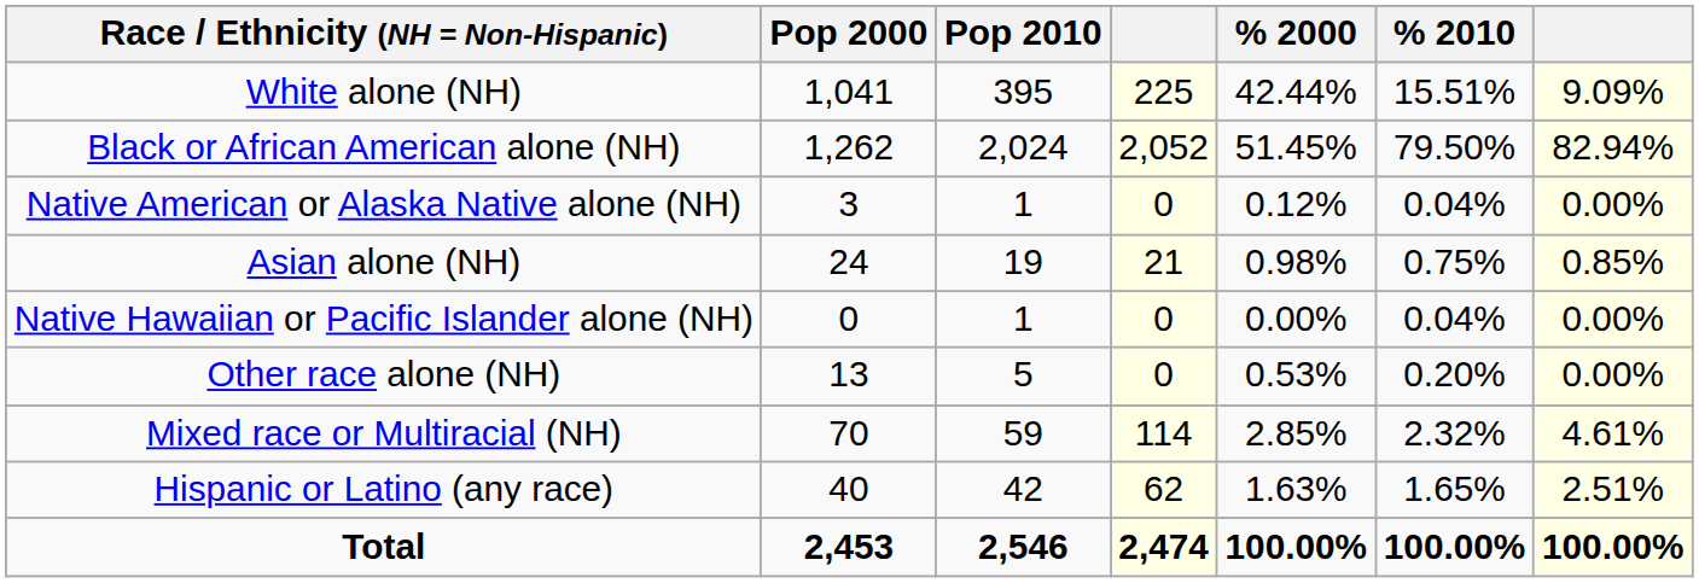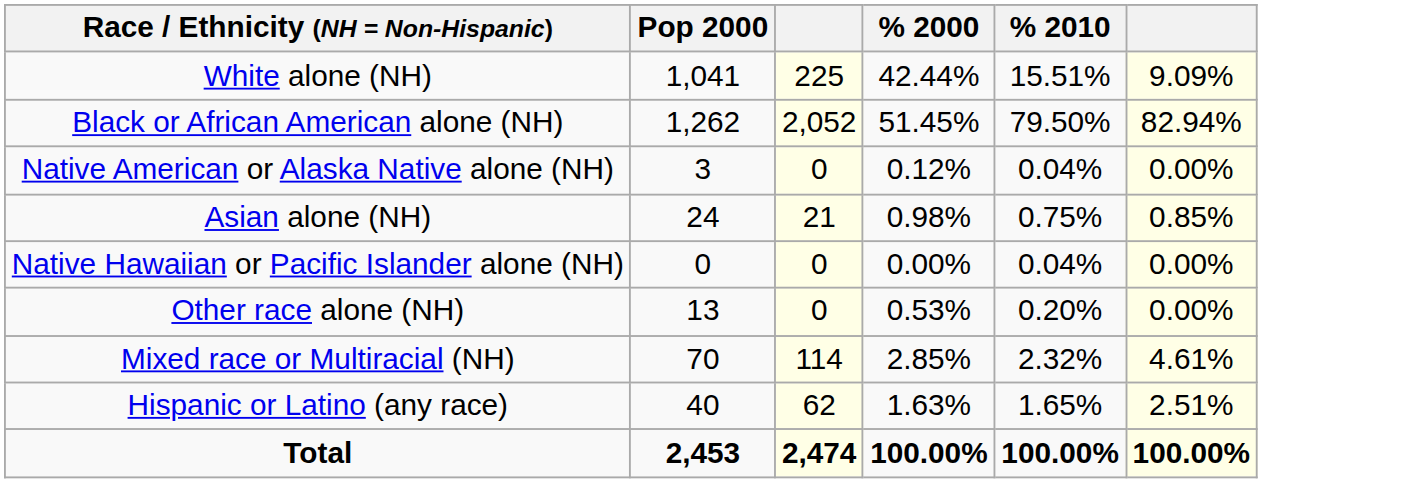 <table class="wikitable" style="text-align:center;">
 <tr>
 <th>Race / Ethnicity <small>(<em>NH = Non-Hispanic</em>)</small></th>
 <th>Pop 2000</th>
-<th>Pop 2010</th>
 <th></th>
 <th>% 2000</th>
 <th>% 2010</th>
 <th></th>
 </tr>
 <tr>
 <td><a href='#'>White</a> alone (NH)</td>
 <td>1,041</td>
-<td>395</td>
 <td style='background: #ffffe6;'>225</td>
 <td>42.44%</td>
 <td>15.51%</td>
 <td style='background: #ffffe6;'>9.09%</td>
 </tr>
 <tr>
 <td><a href='#'>Black or African American</a> alone (NH)</td>
 <td>1,262</td>
-<td>2,024</td>
 <td style='background: #ffffe6;'>2,052</td>
 <td>51.45%</td>
 <td>79.50%</td>
 <td style='background: #ffffe6;'>82.94%</td>
 </tr>
 <tr>
 <td><a href='#'>Native American</a> or <a href='#'>Alaska Native</a> alone (NH)</td>
 <td>3</td>
-<td>1</td>
 <td style='background: #ffffe6;'>0</td>
 <td>0.12%</td>
 <td>0.04%</td>
 <td style='background: #ffffe6;'>0.00%</td>
 </tr>
 <tr>
 <td><a href='#'>Asian</a> alone (NH)</td>
 <td>24</td>
-<td>19</td>
 <td style='background: #ffffe6;'>21</td>
 <td>0.98%</td>
 <td>0.75%</td>
 <td style='background: #ffffe6;'>0.85%</td>
 </tr>
 <tr>
 <td><a href='#'>Native Hawaiian</a> or <a href='#'>Pacific Islander</a> alone (NH)</td>
 <td>0</td>
-<td>1</td>
 <td style='background: #ffffe6;'>0</td>
 <td>0.00%</td>
 <td>0.04%</td>
 <td style='background: #ffffe6;'>0.00%</td>
 </tr>
 <tr>
 <td><a href='#'>Other race</a> alone (NH)</td>
 <td>13</td>
-<td>5</td>
 <td style='background: #ffffe6;'>0</td>
 <td>0.53%</td>
 <td>0.20%</td>
 <td style='background: #ffffe6;'>0.00%</td>
 </tr>
 <tr>
 <td><a href='#'>Mixed race or Multiracial</a> (NH)</td>
 <td>70</td>
-<td>59</td>
 <td style='background: #ffffe6;'>114</td>
 <td>2.85%</td>
 <td>2.32%</td>
 <td style='background: #ffffe6;'>4.61%</td>
 </tr>
 <tr>
 <td><a href='#'>Hispanic or Latino</a> (any race)</td>
 <td>40</td>
-<td>42</td>
 <td style='background: #ffffe6;'>62</td>
 <td>1.63%</td>
 <td>1.65%</td>
 <td style='background: #ffffe6;'>2.51%</td>
 </tr>
 <tr>
 <td><strong>Total</strong></td>
 <td><strong>2,453</strong></td>
-<td><strong>2,546</strong></td>
 <td style='background: #ffffe6;'><strong>2,474</strong></td>
 <td><strong>100.00%</strong></td>
 <td><strong>100.00%</strong></td>
 <td style='background: #ffffe6;'><strong>100.00%</strong></td>
 </tr>
 </table>
